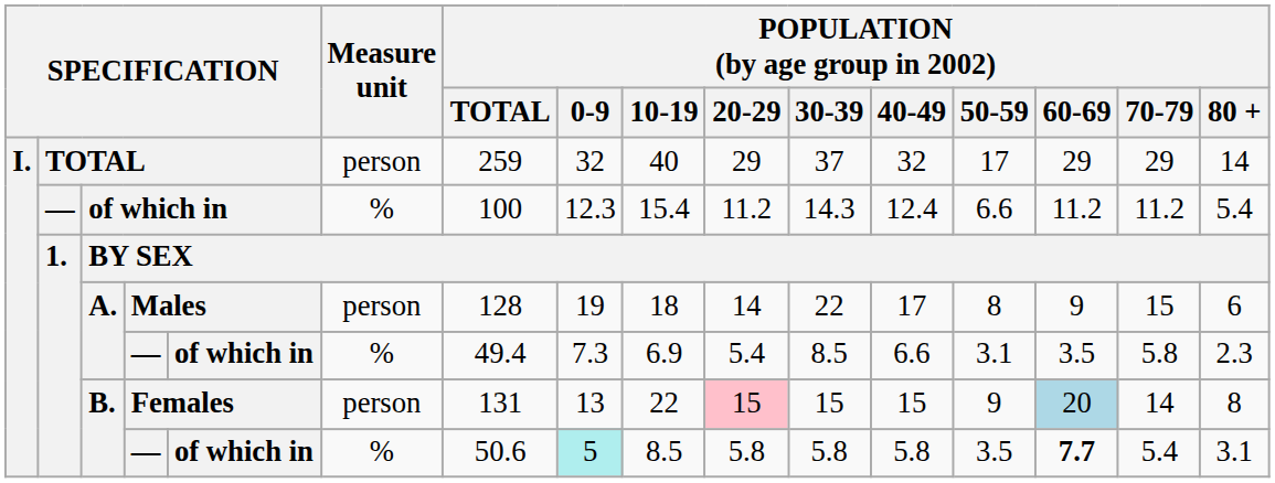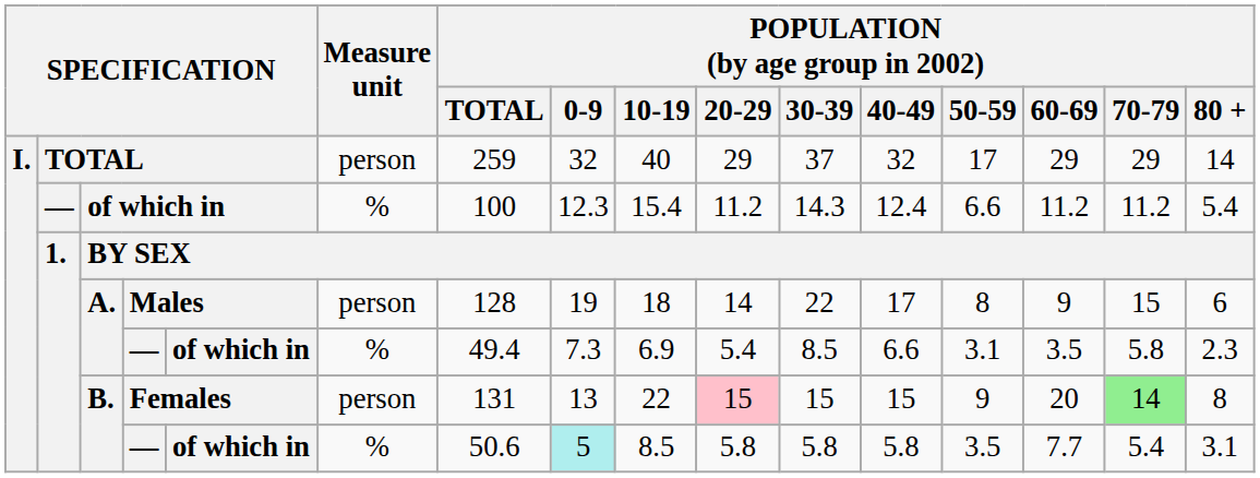 <table class="wikitable" style="font-size:85%; text-align:center">
 <tr>
 <th rowspan="2" colspan="5">SPECIFICATION</th>
 <th rowspan="2">Measure<br> unit</th>
 <th colspan="10" rowspan="1">POPULATION<br> (by age group in 2002)</th>
 </tr>
 <tr>
 <th>TOTAL</th>
 <th>0-9</th>
 <th>10-19</th>
 <th>20-29</th>
 <th>30-39</th>
 <th>40-49</th>
 <th>50-59</th>
 <th>60-69</th>
 <th>70-79</th>
 <th>80 +</th>
 </tr>
 <tr>
 <th style="text-align:left" valign="top" rowspan="7">I.</th>
 <th style="text-align:left" colspan="4">TOTAL</th>
 <td>person</td>
 <td>259</td>
 <td>32</td>
 <td>40</td>
 <td>29</td>
 <td>37</td>
 <td>32</td>
 <td>17</td>
 <td>29</td>
 <td>29</td>
 <td>14</td>
 </tr>
 <tr>
 <th style="text-align:left" valign="top">—</th>
 <th style="text-align:left" colspan="3">of which in</th>
 <td>%</td>
 <td>100</td>
 <td>12.3</td>
 <td>15.4</td>
 <td>11.2</td>
 <td>14.3</td>
 <td>12.4</td>
 <td>6.6</td>
 <td>11.2</td>
 <td>11.2</td>
 <td>5.4</td>
 </tr>
 <tr>
 <th style="text-align:left" valign="top" rowspan="5">1.</th>
 <th style="text-align:left" colspan="14">BY SEX</th>
 </tr>
 <tr>
 <th style="text-align:left" valign="top" rowspan="2">A.</th>
 <th style="text-align:left" colspan="2">Males</th>
 <td>person</td>
 <td>128</td>
 <td>19</td>
 <td>18</td>
 <td>14</td>
 <td>22</td>
 <td>17</td>
 <td>8</td>
 <td>9</td>
 <td>15</td>
 <td>6</td>
 </tr>
 <tr>
 <th style="text-align:left" valign="top">—</th>
 <th style="text-align:left" colspan="1">of which in</th>
 <td>%</td>
 <td>49.4</td>
 <td>7.3</td>
 <td>6.9</td>
 <td>5.4</td>
 <td>8.5</td>
 <td>6.6</td>
 <td>3.1</td>
 <td>3.5</td>
 <td>5.8</td>
 <td>2.3</td>
 </tr>
 <tr>
 <th style="text-align:left" valign="top" rowspan="2">B.</th>
 <th style="text-align:left" colspan="2">Females</th>
 <td>person</td>
 <td>131</td>
 <td>13</td>
 <td>22</td>
 <td style="background: pink;">15</td>
 <td>15</td>
 <td>15</td>
 <td>9</td>
-<td style="background: lightblue;">20</td>
-<td>14</td>
+<td>20</td>
+<td style="background: lightgreen;">14</td>
 <td>8</td>
 </tr>
 <tr>
 <th style="text-align:left" valign="top">—</th>
 <th style="text-align:left" colspan="1">of which in</th>
 <td>%</td>
 <td>50.6</td>
 <td style="background: paleturquoise;">5</td>
 <td>8.5</td>
 <td>5.8</td>
 <td>5.8</td>
 <td>5.8</td>
 <td>3.5</td>
-<td><strong>7.7</strong></td>
+<td>7.7</td>
 <td>5.4</td>
 <td>3.1</td>
 </tr>
 </table>
